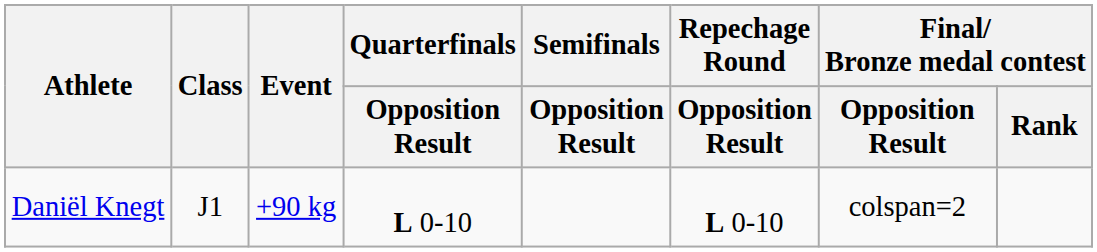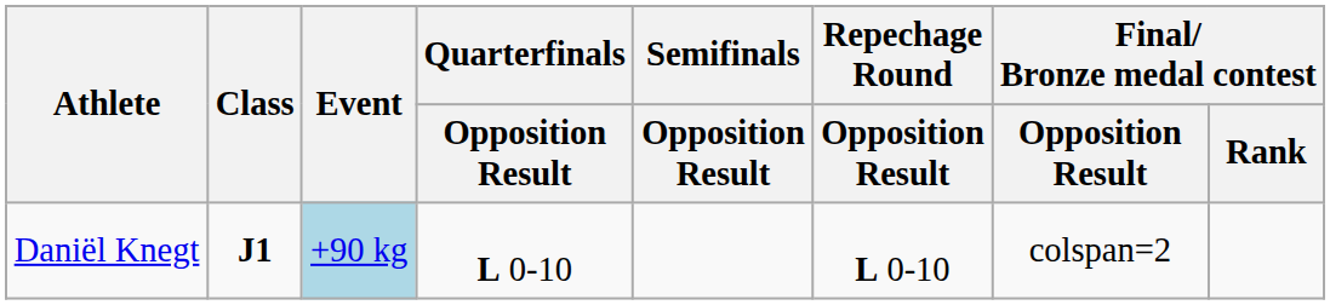 <table class="wikitable" style="font-size:90%">
 <tr>
 <th rowspan="2">Athlete</th>
 <th rowspan="2">Class</th>
 <th rowspan="2">Event</th>
 <th>Quarterfinals</th>
 <th>Semifinals</th>
 <th>Repechage <br>Round</th>
 <th colspan=2>Final/<br>Bronze medal contest</th>
 </tr>
 <tr>
 <th>Opposition<br>Result</th>
 <th>Opposition<br>Result</th>
 <th>Opposition<br>Result</th>
 <th>Opposition<br>Result</th>
 <th>Rank</th>
 </tr>
 <tr align="center">
 <td><a href='#'>Daniël Knegt</a></td>
-<td>J1</td>
-<td><a href='#'>+90 kg</a></td>
+<td><strong>J1</strong></td>
+<td style="background: lightblue;"><a href='#'>+90 kg</a></td>
 <td><br> <strong>L</strong> 0-10</td>
 <td></td>
 <td><br> <strong>L</strong> 0-10</td>
 <td>colspan=2 </td>
 </tr>
 </table>
